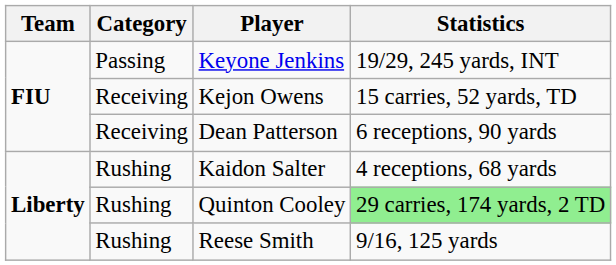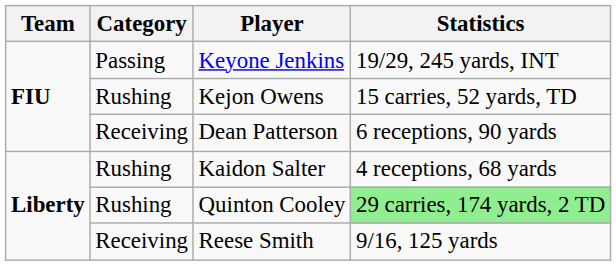 <table class="wikitable" style="float: right;">
 <tr>
 <th>Team</th>
 <th>Category</th>
 <th>Player</th>
 <th>Statistics</th>
 </tr>
 <tr>
 <td rowspan=3><strong>FIU</strong></td>
 <td>Passing</td>
 <td><a href='#'>Keyone Jenkins</a></td>
 <td>19/29, 245 yards, INT</td>
 </tr>
 <tr>
-<td>Receiving</td>
+<td>Rushing</td>
 <td>Kejon Owens</td>
 <td>15 carries, 52 yards, TD</td>
 </tr>
 <tr>
 <td>Receiving</td>
 <td>Dean Patterson</td>
 <td>6 receptions, 90 yards</td>
 </tr>
 <tr>
 <td rowspan=3><strong>Liberty</strong></td>
 <td>Rushing</td>
 <td>Kaidon Salter</td>
 <td>4 receptions, 68 yards</td>
 </tr>
 <tr>
 <td>Rushing</td>
 <td>Quinton Cooley</td>
 <td style="background: lightgreen;">29 carries, 174 yards, 2 TD</td>
 </tr>
 <tr>
-<td>Rushing</td>
+<td>Receiving</td>
 <td>Reese Smith</td>
 <td>9/16, 125 yards</td>
 </tr>
 </table>
